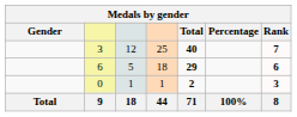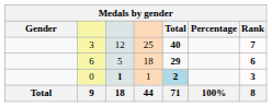 <table class="wikitable" style="font-size:90%; text-align:center">
 <tr style="background:#efefef;">
 <th colspan="7"><strong>Medals by gender</strong></th>
 </tr>
 <tr>
 <th width="100"><strong>Gender</strong></th>
 <th width="35" style="background:#F7F6A8;"></th>
 <th width="35" style="background:#DCE5E5;"></th>
 <th width="35" style="background:#FFDAB9;"></th>
 <th width="30"><strong>Total</strong></th>
 <th width="30"><strong>Percentage</strong></th>
 <th width="30"><strong>Rank</strong></th>
 </tr>
 <tr>
 <td></td>
 <td style="background:#F7F6A8;">3</td>
 <td style="background:#DCE5E5;">12</td>
 <td style="background:#FFDAB9;">25</td>
 <td><strong>40</strong></td>
 <td></td>
 <td style="background:#FFFAFA;"><strong>7</strong></td>
 </tr>
 <tr>
 <td></td>
 <td style="background:#F7F6A8;">6</td>
 <td style="background:#DCE5E5;">5</td>
 <td style="background:#FFDAB9;">18</td>
 <td><strong>29</strong></td>
 <td></td>
 <td style="background:#FFFAFA;"><strong>6</strong></td>
 </tr>
 <tr>
 <td></td>
 <td style="background:#F7F6A8;">0</td>
-<td style="background:#DCE5E5;">1</td>
+<td style="background:#DCE5E5;"><strong>1</strong></td>
 <td style="background:#FFDAB9;">1</td>
-<td><strong>2</strong></td>
+<td style="background: lightblue;"><strong>2</strong></td>
 <td></td>
 <td style="background:#FFFAFA;"><strong>3</strong></td>
 </tr>
 <tr>
 <th colspan="1"><strong>Total</strong></th>
 <th>9</th>
 <th>18</th>
 <th>44</th>
 <th>71</th>
 <th>100%</th>
 <th>8</th>
 </tr>
 </table>
